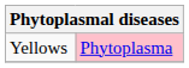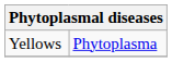 <table class="wikitable" style="clear">
 <tr>
 <th colspan=2><strong>Phytoplasmal diseases</strong><br></th>
 </tr>
 <tr>
 <td>Yellows</td>
-<td style="background: pink;"><a href='#'>Phytoplasma</a></td>
+<td><a href='#'>Phytoplasma</a></td>
 </tr>
 <tr>
 </tr>
 </table>
